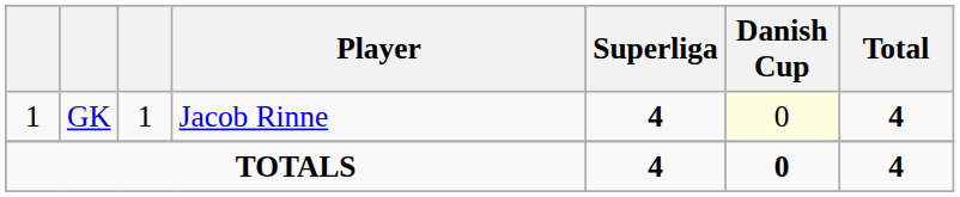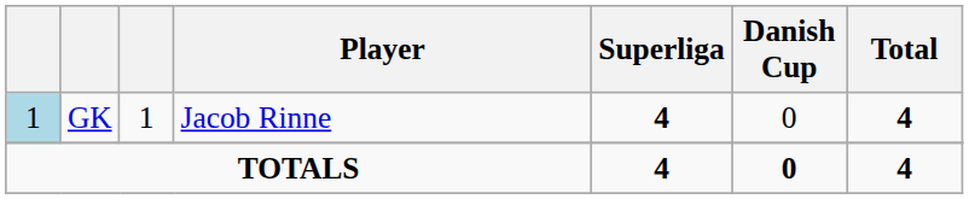 <table class="wikitable sortable" style="font-size: 95%; text-align: center;">
 <tr>
 <th width=20></th>
 <th width=20></th>
 <th width=20></th>
 <th width=200>Player</th>
 <th width=50>Superliga</th>
 <th width=50>Danish Cup</th>
 <th width=50>Total</th>
 </tr>
 <tr>
-<td rowspan=1>1</td>
+<td rowspan=1 style="background: lightblue;">1</td>
 <td><a href='#'>GK</a></td>
 <td>1</td>
 <td align=left> <a href='#'>Jacob Rinne</a></td>
 <td><strong>4</strong></td>
-<td style="background: lightyellow;">0</td>
+<td>0</td>
 <td><strong>4</strong></td>
 </tr>
 <tr>
 </tr>
 <tr>
 </tr>
 <tr>
 <td colspan="4"><strong>TOTALS</strong></td>
 <td><strong>4</strong></td>
 <td><strong>0</strong></td>
 <td><strong>4</strong></td>
 </tr>
 </table>
